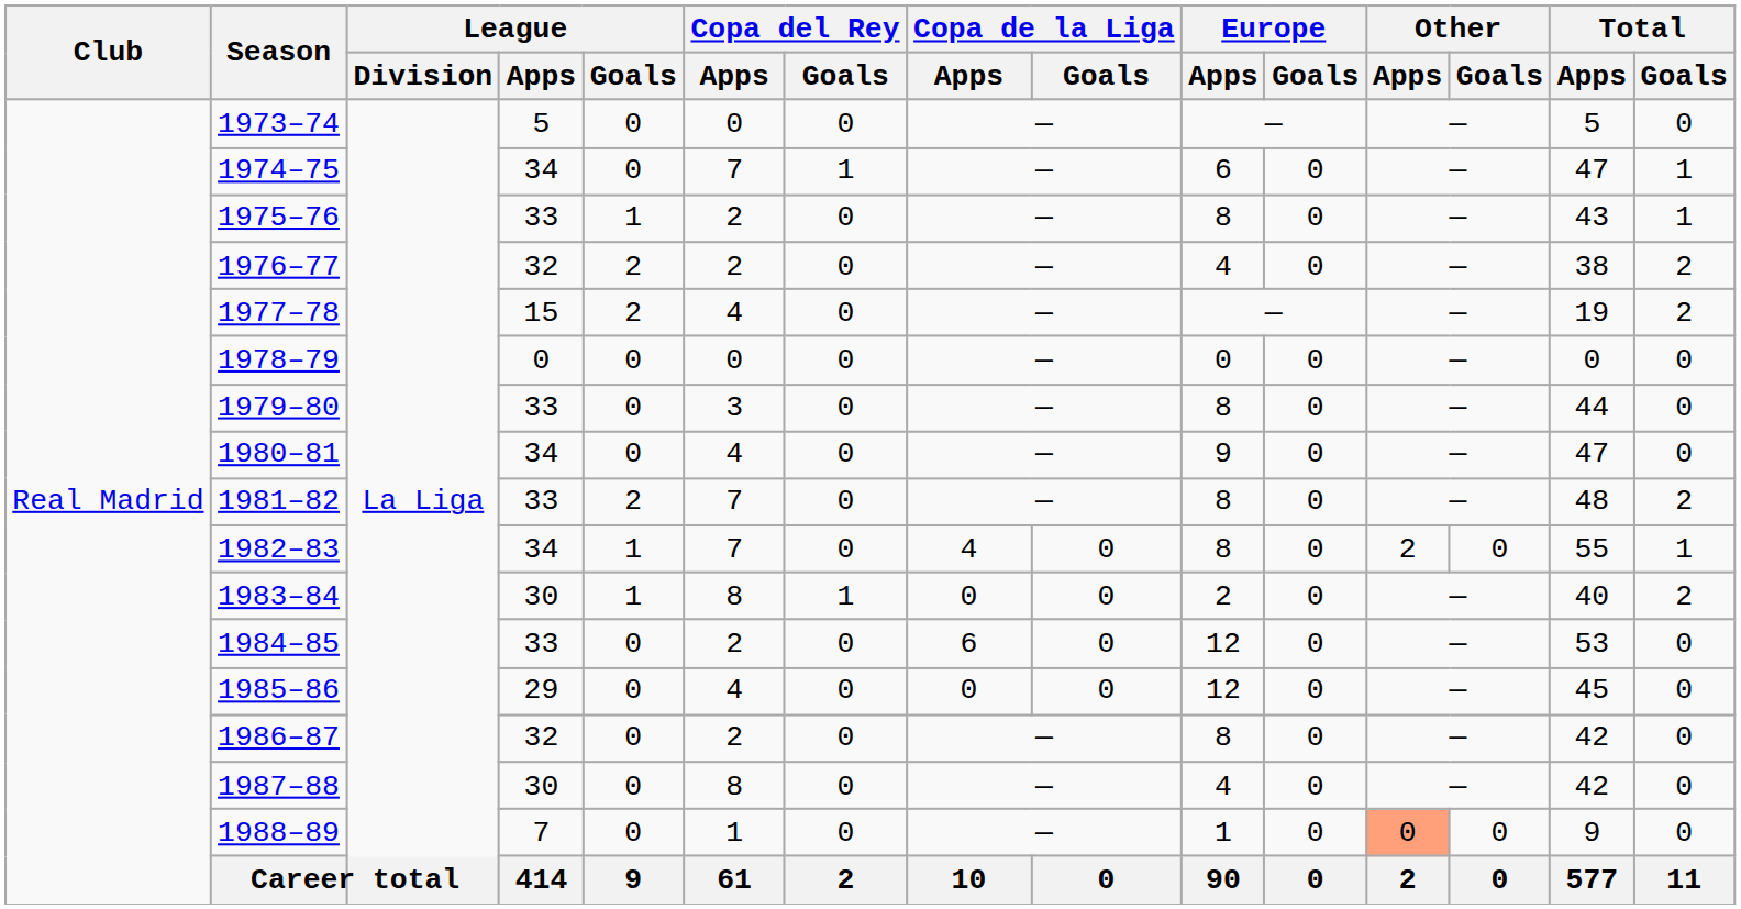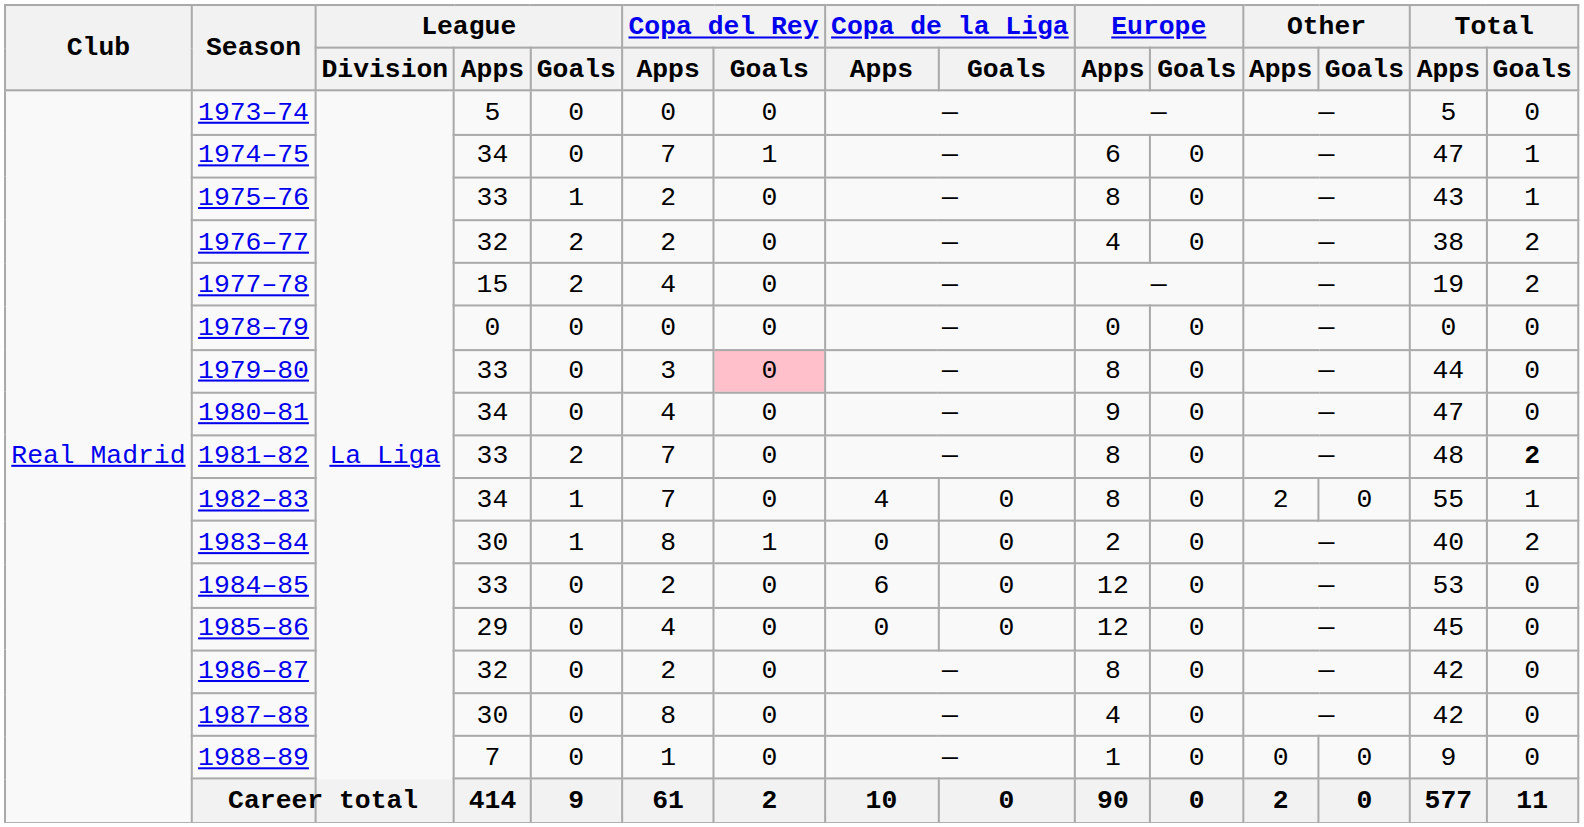 <table class="wikitable" style="text-align:center">
 <tr>
 <th rowspan="2">Club</th>
 <th rowspan="2">Season</th>
 <th colspan="3">League</th>
 <th colspan="2"><a href='#'>Copa del Rey</a></th>
 <th colspan="2"><a href='#'>Copa de la Liga</a></th>
 <th colspan="2"><a href='#'>Europe</a></th>
 <th colspan="2">Other</th>
 <th colspan="2">Total</th>
 </tr>
 <tr>
 <th>Division</th>
 <th>Apps</th>
 <th>Goals</th>
 <th>Apps</th>
 <th>Goals</th>
 <th>Apps</th>
 <th>Goals</th>
 <th>Apps</th>
 <th>Goals</th>
 <th>Apps</th>
 <th>Goals</th>
 <th>Apps</th>
 <th>Goals</th>
 </tr>
 <tr>
 <td rowspan="17"><a href='#'>Real Madrid</a></td>
 <td><a href='#'>1973–74</a></td>
 <td rowspan="18"><a href='#'>La Liga</a></td>
 <td>5</td>
 <td>0</td>
 <td>0</td>
 <td>0</td>
 <td colspan="2">—</td>
 <td colspan="2">—</td>
 <td colspan="2">—</td>
 <td>5</td>
 <td>0</td>
 </tr>
 <tr>
 <td><a href='#'>1974–75</a></td>
 <td>34</td>
 <td>0</td>
 <td>7</td>
 <td>1</td>
 <td colspan="2">—</td>
 <td>6</td>
 <td>0</td>
 <td colspan="2">—</td>
 <td>47</td>
 <td>1</td>
 </tr>
 <tr>
 <td><a href='#'>1975–76</a></td>
 <td>33</td>
 <td>1</td>
 <td>2</td>
 <td>0</td>
 <td colspan="2">—</td>
 <td>8</td>
 <td>0</td>
 <td colspan="2">—</td>
 <td>43</td>
 <td>1</td>
 </tr>
 <tr>
 <td><a href='#'>1976–77</a></td>
 <td>32</td>
 <td>2</td>
 <td>2</td>
 <td>0</td>
 <td colspan="2">—</td>
 <td>4</td>
 <td>0</td>
 <td colspan="2">—</td>
 <td>38</td>
 <td>2</td>
 </tr>
 <tr>
 <td><a href='#'>1977–78</a></td>
 <td>15</td>
 <td>2</td>
 <td>4</td>
 <td>0</td>
 <td colspan="2">—</td>
 <td colspan="2">—</td>
 <td colspan="2">—</td>
 <td>19</td>
 <td>2</td>
 </tr>
 <tr>
 <td><a href='#'>1978–79</a></td>
 <td>0</td>
 <td>0</td>
 <td>0</td>
 <td>0</td>
 <td colspan="2">—</td>
 <td>0</td>
 <td>0</td>
 <td colspan="2">—</td>
 <td>0</td>
 <td>0</td>
 </tr>
 <tr>
 <td><a href='#'>1979–80</a></td>
 <td>33</td>
 <td>0</td>
 <td>3</td>
-<td>0</td>
+<td style="background: pink;">0</td>
 <td colspan="2">—</td>
 <td>8</td>
 <td>0</td>
 <td colspan="2">—</td>
 <td>44</td>
 <td>0</td>
 </tr>
 <tr>
 <td><a href='#'>1980–81</a></td>
 <td>34</td>
 <td>0</td>
 <td>4</td>
 <td>0</td>
 <td colspan="2">—</td>
 <td>9</td>
 <td>0</td>
 <td colspan="2">—</td>
 <td>47</td>
 <td>0</td>
 </tr>
 <tr>
 <td><a href='#'>1981–82</a></td>
 <td>33</td>
 <td>2</td>
 <td>7</td>
 <td>0</td>
 <td colspan="2">—</td>
 <td>8</td>
 <td>0</td>
 <td colspan="2">—</td>
 <td>48</td>
-<td>2</td>
+<td><strong>2</strong></td>
 </tr>
 <tr>
 <td><a href='#'>1982–83</a></td>
 <td>34</td>
 <td>1</td>
 <td>7</td>
 <td>0</td>
 <td>4</td>
 <td>0</td>
 <td>8</td>
 <td>0</td>
 <td>2</td>
 <td>0</td>
 <td>55</td>
 <td>1</td>
 </tr>
 <tr>
 <td><a href='#'>1983–84</a></td>
 <td>30</td>
 <td>1</td>
 <td>8</td>
 <td>1</td>
 <td>0</td>
 <td>0</td>
 <td>2</td>
 <td>0</td>
 <td colspan="2">—</td>
 <td>40</td>
 <td>2</td>
 </tr>
 <tr>
 <td><a href='#'>1984–85</a></td>
 <td>33</td>
 <td>0</td>
 <td>2</td>
 <td>0</td>
 <td>6</td>
 <td>0</td>
 <td>12</td>
 <td>0</td>
 <td colspan="2">—</td>
 <td>53</td>
 <td>0</td>
 </tr>
 <tr>
 <td><a href='#'>1985–86</a></td>
 <td>29</td>
 <td>0</td>
 <td>4</td>
 <td>0</td>
 <td>0</td>
 <td>0</td>
 <td>12</td>
 <td>0</td>
 <td colspan="2">—</td>
 <td>45</td>
 <td>0</td>
 </tr>
 <tr>
 <td><a href='#'>1986–87</a></td>
 <td>32</td>
 <td>0</td>
 <td>2</td>
 <td>0</td>
 <td colspan="2">—</td>
 <td>8</td>
 <td>0</td>
 <td colspan="2">—</td>
 <td>42</td>
 <td>0</td>
 </tr>
 <tr>
 <td><a href='#'>1987–88</a></td>
 <td>30</td>
 <td>0</td>
 <td>8</td>
 <td>0</td>
 <td colspan="2">—</td>
 <td>4</td>
 <td>0</td>
 <td colspan="2">—</td>
 <td>42</td>
 <td>0</td>
 </tr>
 <tr>
 <td><a href='#'>1988–89</a></td>
 <td>7</td>
 <td>0</td>
 <td>1</td>
 <td>0</td>
 <td colspan="2">—</td>
 <td>1</td>
 <td>0</td>
-<td style="background: lightsalmon;">0</td>
+<td>0</td>
 <td>0</td>
 <td>9</td>
 <td>0</td>
 </tr>
 <tr>
 <th colspan="2">Career total</th>
 <th>414</th>
 <th>9</th>
 <th>61</th>
 <th>2</th>
 <th>10</th>
 <th>0</th>
 <th>90</th>
 <th>0</th>
 <th>2</th>
 <th>0</th>
 <th>577</th>
 <th>11</th>
 </tr>
 </table>
